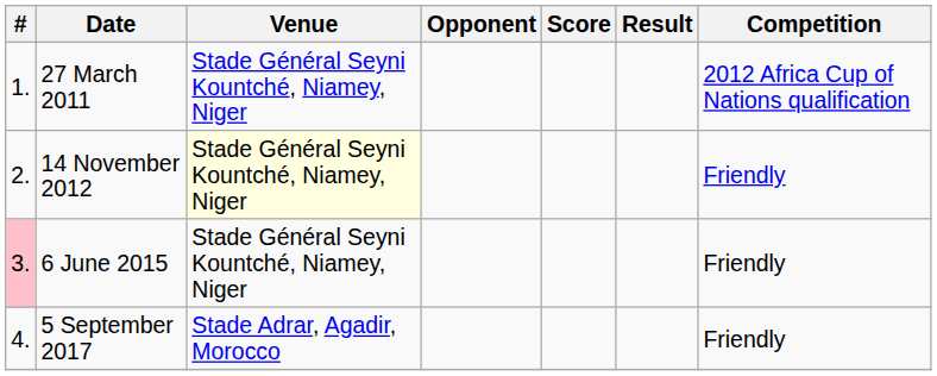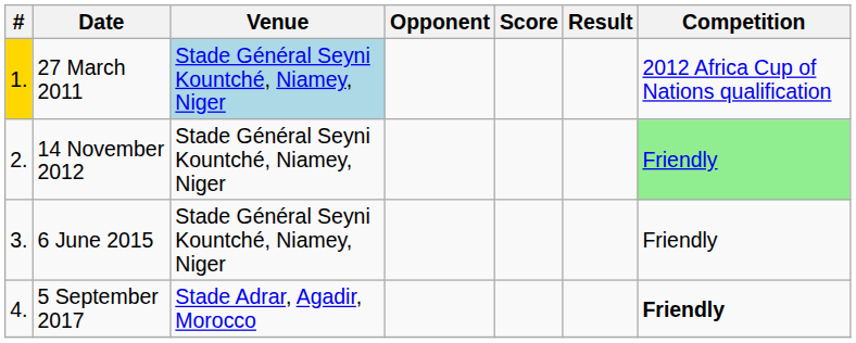 <table class="wikitable" style="font-size:95%;">
 <tr>
 <th>#</th>
 <th>Date</th>
 <th>Venue</th>
 <th>Opponent</th>
 <th>Score</th>
 <th>Result</th>
 <th>Competition</th>
 </tr>
 <tr>
-<td>1.</td>
+<td style="background: gold;">1.</td>
 <td>27 March 2011</td>
-<td><a href='#'>Stade Général Seyni Kountché</a>, <a href='#'>Niamey</a>, <a href='#'>Niger</a></td>
+<td style="background: lightblue;"><a href='#'>Stade Général Seyni Kountché</a>, <a href='#'>Niamey</a>, <a href='#'>Niger</a></td>
 <td></td>
 <td></td>
 <td></td>
 <td><a href='#'>2012 Africa Cup of Nations qualification</a></td>
 </tr>
 <tr>
 <td>2.</td>
 <td>14 November 2012</td>
-<td style="background: lightyellow;">Stade Général Seyni Kountché, Niamey, Niger</td>
+<td>Stade Général Seyni Kountché, Niamey, Niger</td>
 <td></td>
 <td></td>
 <td></td>
-<td><a href='#'>Friendly</a></td>
+<td style="background: lightgreen;"><a href='#'>Friendly</a></td>
 </tr>
 <tr>
-<td style="background: pink;">3.</td>
+<td>3.</td>
 <td>6 June 2015</td>
 <td>Stade Général Seyni Kountché, Niamey, Niger</td>
 <td></td>
 <td></td>
 <td></td>
 <td>Friendly</td>
 </tr>
 <tr>
 <td>4.</td>
 <td>5 September 2017</td>
 <td><a href='#'>Stade Adrar</a>, <a href='#'>Agadir</a>, <a href='#'>Morocco</a></td>
 <td></td>
 <td></td>
 <td></td>
-<td>Friendly</td>
+<td><strong>Friendly</strong></td>
 </tr>
 <tr>
 </tr>
 </table>
